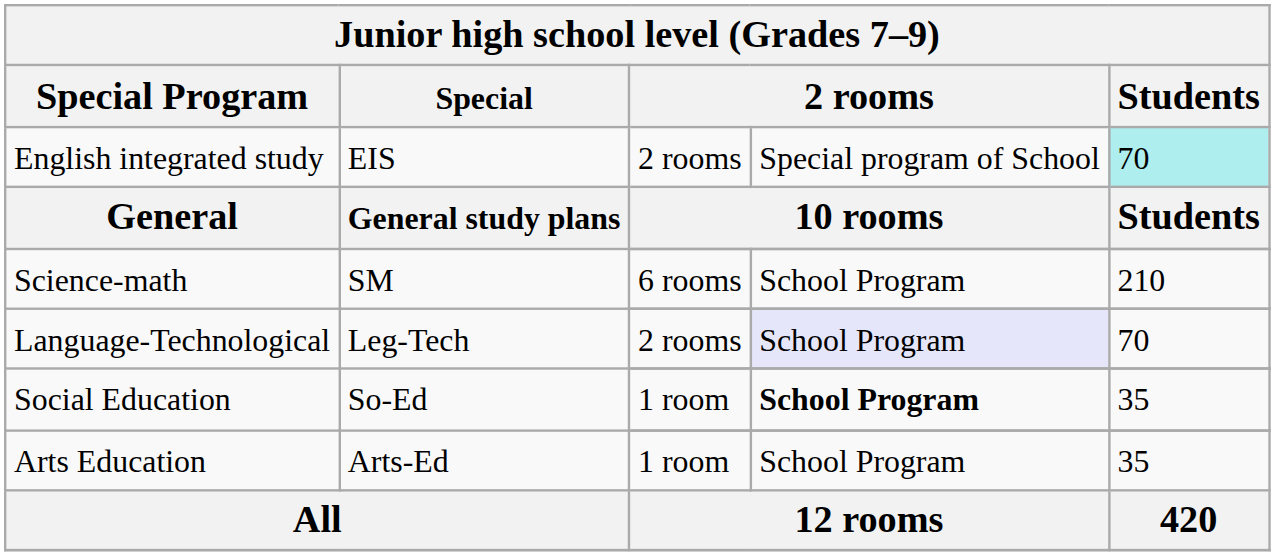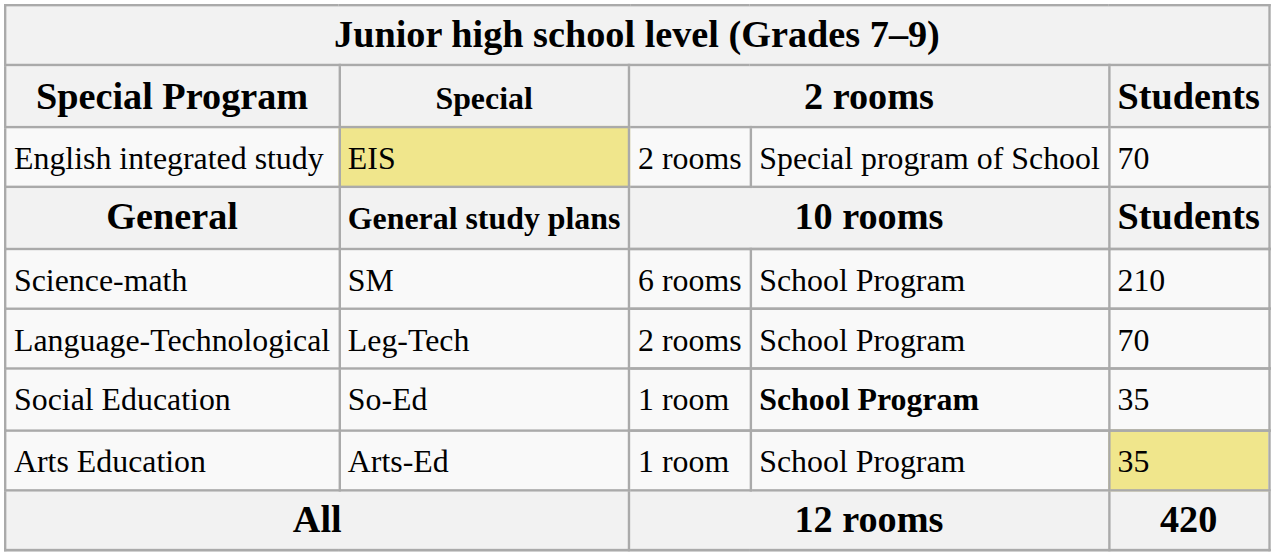 <table class="wikitable">
 <tr>
 <th colspan="5">Junior high school level (Grades 7–9)</th>
 </tr>
 <tr>
 <th>Special Program</th>
 <th><small>Special</small></th>
 <th colspan="2">2 rooms</th>
 <th colspan="1">Students</th>
 </tr>
 <tr>
 <td><small> English integrated study </small></td>
-<td><small>EIS</small></td>
+<td style="background: khaki;"><small>EIS</small></td>
 <td><small>2 rooms</small></td>
 <td><small>Special program of School</small></td>
-<td style="background: paleturquoise;"><small>70</small></td>
+<td><small>70</small></td>
 </tr>
 <tr>
 <th>General</th>
 <th><small>General study plans</small></th>
 <th colspan="2">10 rooms</th>
 <th colspan="1">Students</th>
 </tr>
 <tr>
 <td rowspan="2"><small>Science-math</small></td>
 <td rowspan="2"><small>SM</small></td>
 </tr>
 <tr>
 <td><small>6 rooms</small></td>
 <td><small>School Program</small></td>
 <td><small>210</small></td>
 </tr>
 <tr>
 <td rowspan="2"><small>Language-Technological</small></td>
 <td rowspan="2"><small>Leg-Tech</small></td>
 </tr>
 <tr>
 <td><small>2 rooms</small></td>
-<td style="background: lavender;"><small>School Program</small></td>
+<td><small>School Program</small></td>
 <td><small>70</small></td>
 </tr>
 <tr>
 <td rowspan="2"><small>Social Education</small></td>
 <td rowspan="2"><small>So-Ed</small></td>
 </tr>
 <tr>
 <td><small>1 room</small></td>
 <td><strong><small>School Program</small></strong></td>
 <td><small>35</small></td>
 </tr>
 <tr>
 <td rowspan="2"><small>Arts Education</small></td>
 <td rowspan="2"><small>Arts-Ed</small></td>
 </tr>
 <tr>
 <td><small>1 room</small></td>
 <td><small>School Program</small></td>
-<td><small>35</small></td>
+<td style="background: khaki;"><small>35</small></td>
 </tr>
 <tr>
 <th colspan="2">All</th>
 <th colspan="2">12 rooms</th>
 <th colspan="1">420</th>
 </tr>
 <tr>
 </tr>
 </table>
